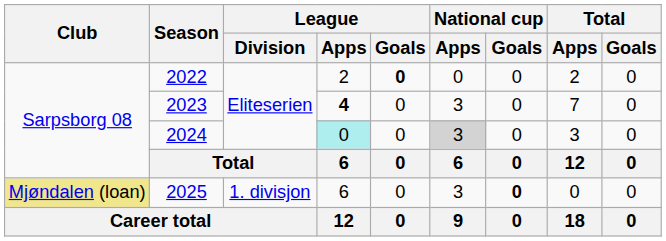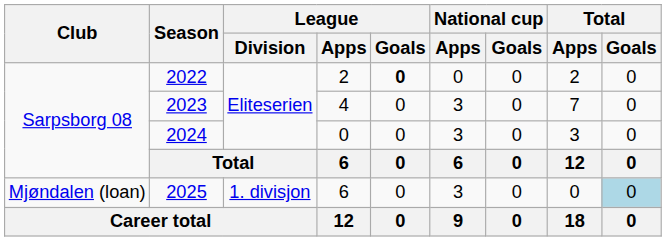 <table class="wikitable" style="text-align: center">
 <tr>
 <th rowspan="2">Club</th>
 <th rowspan="2">Season</th>
 <th colspan="3">League</th>
 <th colspan="2">National cup</th>
 <th colspan="2">Total</th>
 </tr>
 <tr>
 <th>Division</th>
 <th>Apps</th>
 <th>Goals</th>
 <th>Apps</th>
 <th>Goals</th>
 <th>Apps</th>
 <th>Goals</th>
 </tr>
 <tr>
 <td rowspan="4"><a href='#'>Sarpsborg 08</a></td>
 <td><a href='#'>2022</a></td>
 <td rowspan="3"><a href='#'>Eliteserien</a></td>
 <td>2</td>
 <td><strong>0</strong></td>
 <td>0</td>
 <td>0</td>
 <td>2</td>
 <td>0</td>
 </tr>
 <tr>
 <td><a href='#'>2023</a></td>
-<td><strong>4</strong></td>
+<td>4</td>
 <td>0</td>
 <td>3</td>
 <td>0</td>
 <td>7</td>
 <td>0</td>
 </tr>
 <tr>
 <td><a href='#'>2024</a></td>
-<td style="background: paleturquoise;">0</td>
 <td>0</td>
-<td style="background: lightgrey;">3</td>
+<td>0</td>
+<td>3</td>
 <td>0</td>
 <td>3</td>
 <td>0</td>
 </tr>
 <tr>
 <th colspan="2">Total</th>
 <th>6</th>
 <th>0</th>
 <th>6</th>
 <th>0</th>
 <th>12</th>
 <th>0</th>
 </tr>
 <tr>
-<td rowspan="1" style="background: khaki;"><a href='#'>Mjøndalen</a> (loan)</td>
+<td rowspan="1"><a href='#'>Mjøndalen</a> (loan)</td>
 <td><a href='#'>2025</a></td>
 <td rowspan="1"><a href='#'>1. divisjon</a></td>
 <td>6</td>
 <td>0</td>
 <td>3</td>
-<td><strong>0</strong></td>
 <td>0</td>
 <td>0</td>
+<td style="background: lightblue;">0</td>
 </tr>
 <tr>
 <th colspan="3">Career total</th>
 <th>12</th>
 <th>0</th>
 <th>9</th>
 <th>0</th>
 <th>18</th>
 <th>0</th>
 </tr>
 </table>
